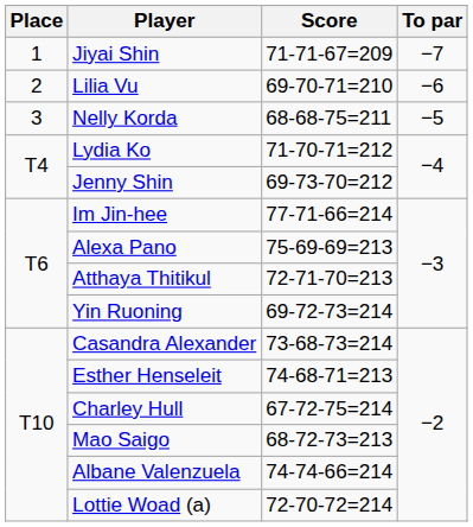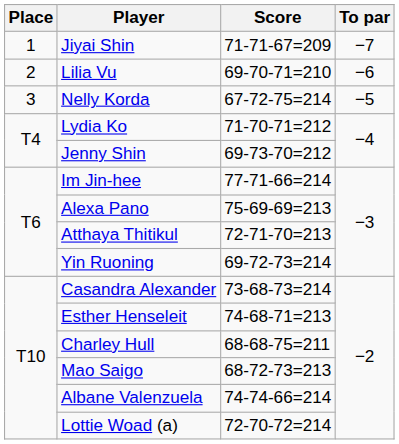 <table class="wikitable">
 <tr>
 <th>Place</th>
 <th>Player</th>
 <th>Score</th>
 <th>To par</th>
 </tr>
 <tr>
 <td align=center>1</td>
 <td> <a href='#'>Jiyai Shin</a></td>
 <td>71-71-67=209</td>
 <td align=center>−7</td>
 </tr>
 <tr>
 <td align=center>2</td>
 <td> <a href='#'>Lilia Vu</a></td>
 <td>69-70-71=210</td>
 <td align=center>−6</td>
 </tr>
 <tr>
 <td align=center>3</td>
 <td> <a href='#'>Nelly Korda</a></td>
-<td>68-68-75=211</td>
+<td>67-72-75=214</td>
 <td align=center>−5</td>
 </tr>
 <tr>
 <td rowspan=2 align=center>T4</td>
 <td> <a href='#'>Lydia Ko</a></td>
 <td>71-70-71=212</td>
 <td rowspan=2  align=center>−4</td>
 </tr>
 <tr>
 <td> <a href='#'>Jenny Shin</a></td>
 <td>69-73-70=212</td>
 </tr>
 <tr>
 <td rowspan=4 align=center>T6</td>
 <td> <a href='#'>Im Jin-hee</a></td>
 <td>77-71-66=214</td>
 <td rowspan=4  align=center>−3</td>
 </tr>
 <tr>
 <td> <a href='#'>Alexa Pano</a></td>
 <td>75-69-69=213</td>
 </tr>
 <tr>
 <td> <a href='#'>Atthaya Thitikul</a></td>
 <td>72-71-70=213</td>
 </tr>
 <tr>
 <td> <a href='#'>Yin Ruoning</a></td>
 <td>69-72-73=214</td>
 </tr>
 <tr>
 <td rowspan=6 align=center>T10</td>
 <td> <a href='#'>Casandra Alexander</a></td>
 <td>73-68-73=214</td>
 <td rowspan=6  align=center>−2</td>
 </tr>
 <tr>
 <td> <a href='#'>Esther Henseleit</a></td>
 <td>74-68-71=213</td>
 </tr>
 <tr>
 <td> <a href='#'>Charley Hull</a></td>
-<td>67-72-75=214</td>
+<td>68-68-75=211</td>
 </tr>
 <tr>
 <td> <a href='#'>Mao Saigo</a></td>
 <td>68-72-73=213</td>
 </tr>
 <tr>
 <td> <a href='#'>Albane Valenzuela</a></td>
 <td>74-74-66=214</td>
 </tr>
 <tr>
 <td> <a href='#'>Lottie Woad</a> (a)</td>
 <td>72-70-72=214</td>
 </tr>
 </table>
